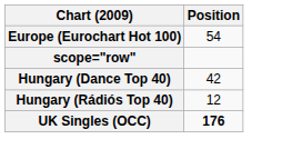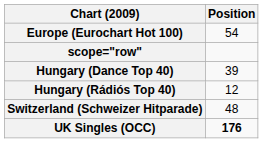 <table class="wikitable plainrowheaders sortable" style="text-align:center">
 <tr>
 <th scope="col">Chart (2009)</th>
 <th scope="col">Position</th>
 </tr>
 <tr>
 <th scope="row">Europe (Eurochart Hot 100)</th>
 <td>54</td>
 </tr>
 <tr>
 <th>scope="row" </th>
 </tr>
 <tr>
 <th scope="row">Hungary (Dance Top 40)</th>
-<td style="text-align:center;">42</td>
+<td style="text-align:center;">39</td>
 </tr>
 <tr>
 <th scope="row">Hungary (Rádiós Top 40)</th>
 <td align="center">12</td>
 </tr>
 <tr>
+<th scope="row">Switzerland (Schweizer Hitparade)</th>
+<td align="center">48</td>
+</tr>
+<tr>
 <th scope="row">UK Singles (OCC)</th>
 <td style="text-align:center;"><strong>176</strong></td>
 </tr>
 </table>
